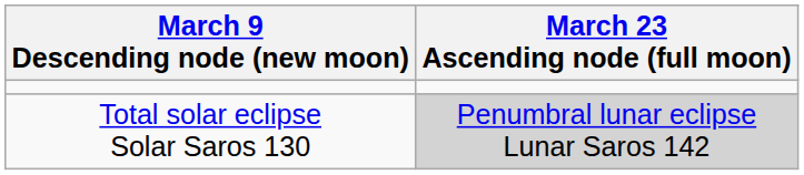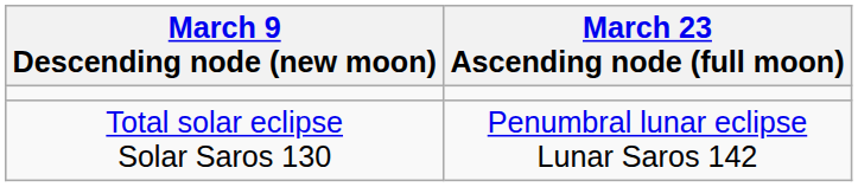 <table class="wikitable">
 <tr>
 <th><a href='#'>March 9</a><br>Descending node (new moon)<br></th>
 <th><a href='#'>March 23</a><br>Ascending node (full moon)<br></th>
 </tr>
 <tr>
 <td></td>
 <td></td>
 </tr>
 <tr align=center>
 <td><a href='#'>Total solar eclipse</a><br>Solar Saros 130</td>
-<td style="background: lightgrey;"><a href='#'>Penumbral lunar eclipse</a><br>Lunar Saros 142</td>
+<td><a href='#'>Penumbral lunar eclipse</a><br>Lunar Saros 142</td>
 </tr>
 </table>
